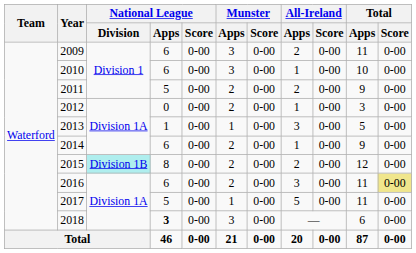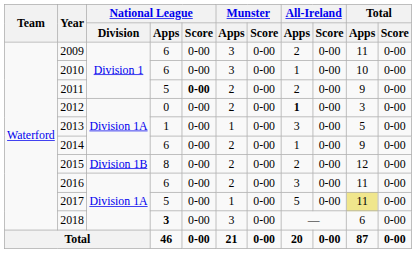 <table class="wikitable" style="text-align:center">
 <tr>
 <th rowspan="2">Team</th>
 <th rowspan="2">Year</th>
 <th colspan="3"><a href='#'>National League</a></th>
 <th colspan="2"><a href='#'>Munster</a></th>
 <th colspan="2"><a href='#'>All-Ireland</a></th>
 <th colspan="2">Total</th>
 </tr>
 <tr>
 <th>Division</th>
 <th>Apps</th>
 <th>Score</th>
 <th>Apps</th>
 <th>Score</th>
 <th>Apps</th>
 <th>Score</th>
 <th>Apps</th>
 <th>Score</th>
 </tr>
 <tr>
 <td rowspan="10"><a href='#'>Waterford</a></td>
 <td>2009</td>
 <td rowspan="3"><a href='#'>Division 1</a></td>
 <td>6</td>
 <td>0-00</td>
 <td>3</td>
 <td>0-00</td>
 <td>2</td>
 <td>0-00</td>
 <td>11</td>
 <td>0-00</td>
 </tr>
 <tr>
 <td>2010</td>
 <td>6</td>
 <td>0-00</td>
 <td>3</td>
 <td>0-00</td>
 <td>1</td>
 <td>0-00</td>
 <td>10</td>
 <td>0-00</td>
 </tr>
 <tr>
 <td>2011</td>
 <td>5</td>
-<td>0-00</td>
+<td><strong>0-00</strong></td>
 <td>2</td>
 <td>0-00</td>
 <td>2</td>
 <td>0-00</td>
 <td>9</td>
 <td>0-00</td>
 </tr>
 <tr>
 <td>2012</td>
 <td rowspan="3"><a href='#'>Division 1A</a></td>
 <td>0</td>
 <td>0-00</td>
 <td>2</td>
 <td>0-00</td>
-<td>1</td>
+<td><strong>1</strong></td>
 <td>0-00</td>
 <td>3</td>
 <td>0-00</td>
 </tr>
 <tr>
 <td>2013</td>
 <td>1</td>
 <td>0-00</td>
 <td>1</td>
 <td>0-00</td>
 <td>3</td>
 <td>0-00</td>
 <td>5</td>
 <td>0-00</td>
 </tr>
 <tr>
 <td>2014</td>
 <td>6</td>
 <td>0-00</td>
 <td>2</td>
 <td>0-00</td>
 <td>1</td>
 <td>0-00</td>
 <td>9</td>
 <td>0-00</td>
 </tr>
 <tr>
 <td>2015</td>
-<td rowspan="1" style="background: paleturquoise;"><a href='#'>Division 1B</a></td>
+<td rowspan="1"><a href='#'>Division 1B</a></td>
 <td>8</td>
 <td>0-00</td>
 <td>2</td>
 <td>0-00</td>
 <td>2</td>
 <td>0-00</td>
 <td>12</td>
 <td>0-00</td>
 </tr>
 <tr>
 <td>2016</td>
 <td rowspan="3"><a href='#'>Division 1A</a></td>
 <td>6</td>
 <td>0-00</td>
 <td>2</td>
 <td>0-00</td>
 <td>3</td>
 <td>0-00</td>
 <td>11</td>
-<td style="background: khaki;">0-00</td>
+<td>0-00</td>
 </tr>
 <tr>
 <td>2017</td>
 <td>5</td>
 <td>0-00</td>
 <td>1</td>
 <td>0-00</td>
 <td>5</td>
 <td>0-00</td>
-<td>11</td>
+<td style="background: khaki;">11</td>
 <td>0-00</td>
 </tr>
 <tr>
 <td>2018</td>
 <td><strong>3</strong></td>
 <td>0-00</td>
 <td>3</td>
 <td>0-00</td>
 <td colspan=2>—</td>
 <td>6</td>
 <td>0-00</td>
 </tr>
 <tr>
 <th colspan="3">Total</th>
 <td><strong>46</strong></td>
 <td><strong>0-00</strong></td>
 <td><strong>21</strong></td>
 <td><strong>0-00</strong></td>
 <td><strong>20</strong></td>
 <td><strong>0-00</strong></td>
 <td><strong>87</strong></td>
 <td><strong>0-00</strong></td>
 </tr>
 </table>
